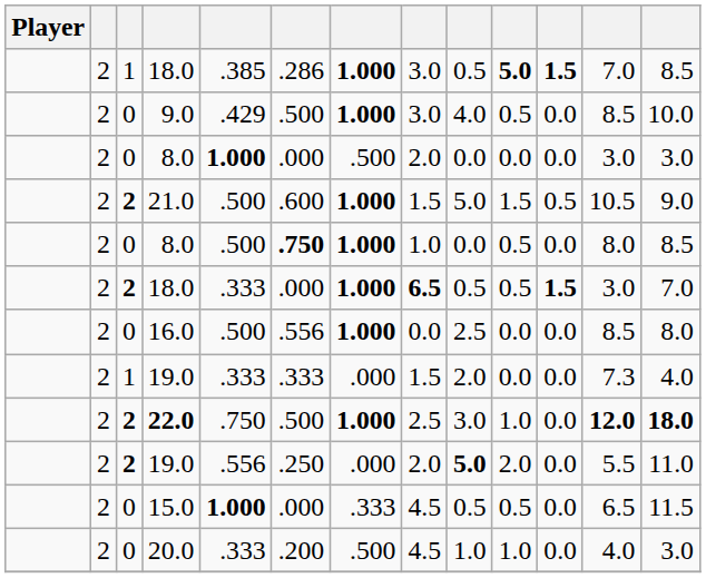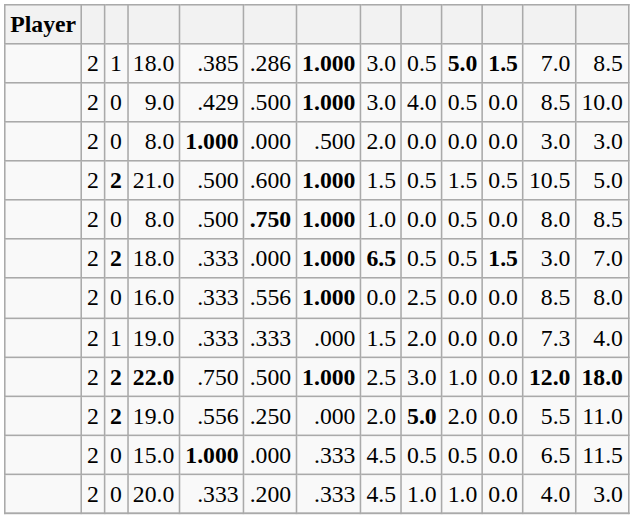 <table class="wikitable sortable" style="font-size:95%; text-align:right;">
 <tr>
 <th>Player</th>
 <th></th>
 <th></th>
 <th></th>
 <th></th>
 <th></th>
 <th></th>
 <th></th>
 <th></th>
 <th></th>
 <th></th>
 <th></th>
 <th></th>
 </tr>
 <tr>
 <td><strong></strong></td>
 <td>2</td>
 <td>1</td>
 <td>18.0</td>
 <td>.385</td>
 <td>.286</td>
 <td><strong>1.000</strong></td>
 <td>3.0</td>
 <td>0.5</td>
 <td><strong>5.0</strong></td>
 <td><strong>1.5</strong></td>
 <td>7.0</td>
 <td>8.5</td>
 </tr>
 <tr>
 <td><strong></strong></td>
 <td>2</td>
 <td>0</td>
 <td>9.0</td>
 <td>.429</td>
 <td>.500</td>
 <td><strong>1.000</strong></td>
 <td>3.0</td>
 <td>4.0</td>
 <td>0.5</td>
 <td>0.0</td>
 <td>8.5</td>
 <td>10.0</td>
 </tr>
 <tr>
 <td><strong></strong></td>
 <td>2</td>
 <td>0</td>
 <td>8.0</td>
 <td><strong>1.000</strong></td>
 <td>.000</td>
 <td>.500</td>
 <td>2.0</td>
 <td>0.0</td>
 <td>0.0</td>
 <td>0.0</td>
 <td>3.0</td>
 <td>3.0</td>
 </tr>
 <tr>
 <td><strong></strong></td>
 <td>2</td>
 <td><strong>2</strong></td>
 <td>21.0</td>
 <td>.500</td>
 <td>.600</td>
 <td><strong>1.000</strong></td>
 <td>1.5</td>
-<td>5.0</td>
+<td>0.5</td>
 <td>1.5</td>
 <td>0.5</td>
 <td>10.5</td>
-<td>9.0</td>
+<td>5.0</td>
 </tr>
 <tr>
 <td><strong></strong></td>
 <td>2</td>
 <td>0</td>
 <td>8.0</td>
 <td>.500</td>
 <td><strong>.750</strong></td>
 <td><strong>1.000</strong></td>
 <td>1.0</td>
 <td>0.0</td>
 <td>0.5</td>
 <td>0.0</td>
 <td>8.0</td>
 <td>8.5</td>
 </tr>
 <tr>
 <td><strong></strong></td>
 <td>2</td>
 <td><strong>2</strong></td>
 <td>18.0</td>
 <td>.333</td>
 <td>.000</td>
 <td><strong>1.000</strong></td>
 <td><strong>6.5</strong></td>
 <td>0.5</td>
 <td>0.5</td>
 <td><strong>1.5</strong></td>
 <td>3.0</td>
 <td>7.0</td>
 </tr>
 <tr>
 <td><strong></strong></td>
 <td>2</td>
 <td>0</td>
 <td>16.0</td>
-<td>.500</td>
+<td>.333</td>
 <td>.556</td>
 <td><strong>1.000</strong></td>
 <td>0.0</td>
 <td>2.5</td>
 <td>0.0</td>
 <td>0.0</td>
 <td>8.5</td>
 <td>8.0</td>
 </tr>
 <tr>
 <td><strong></strong></td>
 <td>2</td>
 <td>1</td>
 <td>19.0</td>
 <td>.333</td>
 <td>.333</td>
 <td>.000</td>
 <td>1.5</td>
 <td>2.0</td>
 <td>0.0</td>
 <td>0.0</td>
 <td>7.3</td>
 <td>4.0</td>
 </tr>
 <tr>
 <td><strong></strong></td>
 <td>2</td>
 <td><strong>2</strong></td>
 <td><strong>22.0</strong></td>
 <td>.750</td>
 <td>.500</td>
 <td><strong>1.000</strong></td>
 <td>2.5</td>
 <td>3.0</td>
 <td>1.0</td>
 <td>0.0</td>
 <td><strong>12.0</strong></td>
 <td><strong>18.0</strong></td>
 </tr>
 <tr>
 <td><strong></strong></td>
 <td>2</td>
 <td><strong>2</strong></td>
 <td>19.0</td>
 <td>.556</td>
 <td>.250</td>
 <td>.000</td>
 <td>2.0</td>
 <td><strong>5.0</strong></td>
 <td>2.0</td>
 <td>0.0</td>
 <td>5.5</td>
 <td>11.0</td>
 </tr>
 <tr>
 <td><strong></strong></td>
 <td>2</td>
 <td>0</td>
 <td>15.0</td>
 <td><strong>1.000</strong></td>
 <td>.000</td>
 <td>.333</td>
 <td>4.5</td>
 <td>0.5</td>
 <td>0.5</td>
 <td>0.0</td>
 <td>6.5</td>
 <td>11.5</td>
 </tr>
 <tr>
 <td><strong></strong></td>
 <td>2</td>
 <td>0</td>
 <td>20.0</td>
 <td>.333</td>
 <td>.200</td>
-<td>.500</td>
+<td>.333</td>
 <td>4.5</td>
 <td>1.0</td>
 <td>1.0</td>
 <td>0.0</td>
 <td>4.0</td>
 <td>3.0</td>
 </tr>
 <tr>
 </tr>
 </table>
